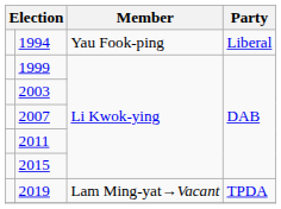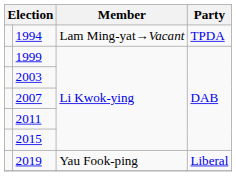 <table class="wikitable">
 <tr>
 <th colspan="2">Election</th>
 <th>Member</th>
 <th>Party</th>
 </tr>
 <tr>
 <td style="background-color: "></td>
 <td><a href='#'>1994</a></td>
-<td>Yau Fook-ping</td>
-<td><a href='#'>Liberal</a></td>
+<td>Lam Ming-yat→<em>Vacant</em></td>
+<td><a href='#'>TPDA</a></td>
 </tr>
 <tr>
 <td style="background-color: "></td>
 <td><a href='#'>1999</a></td>
 <td rowspan=5><a href='#'>Li Kwok-ying</a></td>
 <td rowspan=5><a href='#'>DAB</a></td>
 </tr>
 <tr>
 <td style="background-color: "></td>
 <td><a href='#'>2003</a></td>
 </tr>
 <tr>
 <td style="background-color: "></td>
 <td><a href='#'>2007</a></td>
 </tr>
 <tr>
 <td style="background-color: "></td>
 <td><a href='#'>2011</a></td>
 </tr>
 <tr>
 <td style="background-color: "></td>
 <td><a href='#'>2015</a></td>
 </tr>
 <tr>
 <td style="background-color: "></td>
 <td><a href='#'>2019</a></td>
-<td>Lam Ming-yat→<em>Vacant</em></td>
-<td><a href='#'>TPDA</a></td>
+<td>Yau Fook-ping</td>
+<td><a href='#'>Liberal</a></td>
 </tr>
 <tr>
 </tr>
 </table>
